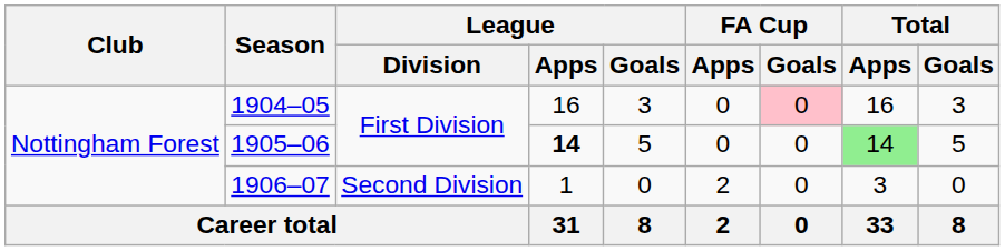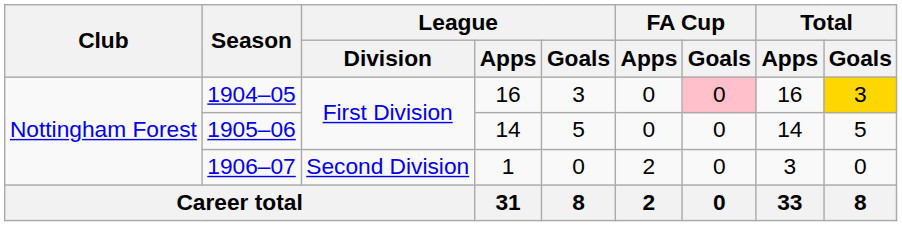 <table class="wikitable" style="text-align: center">
 <tr>
 <th rowspan="2">Club</th>
 <th rowspan="2">Season</th>
 <th colspan="3">League</th>
 <th colspan="2">FA Cup</th>
 <th colspan="2">Total</th>
 </tr>
 <tr>
 <th>Division</th>
 <th>Apps</th>
 <th>Goals</th>
 <th>Apps</th>
 <th>Goals</th>
 <th>Apps</th>
 <th>Goals</th>
 </tr>
 <tr>
 <td rowspan="3"><a href='#'>Nottingham Forest</a></td>
 <td><a href='#'>1904–05</a></td>
 <td rowspan="2"><a href='#'>First Division</a></td>
 <td>16</td>
 <td>3</td>
 <td>0</td>
 <td style="background: pink;">0</td>
 <td>16</td>
-<td>3</td>
+<td style="background: gold;">3</td>
 </tr>
 <tr>
 <td><a href='#'>1905–06</a></td>
-<td><strong>14</strong></td>
+<td>14</td>
 <td>5</td>
 <td>0</td>
 <td>0</td>
-<td style="background: lightgreen;">14</td>
+<td>14</td>
 <td>5</td>
 </tr>
 <tr>
 <td><a href='#'>1906–07</a></td>
 <td><a href='#'>Second Division</a></td>
 <td>1</td>
 <td>0</td>
 <td>2</td>
 <td>0</td>
 <td>3</td>
 <td>0</td>
 </tr>
 <tr>
 <th colspan="3">Career total</th>
 <th>31</th>
 <th>8</th>
 <th>2</th>
 <th>0</th>
 <th>33</th>
 <th>8</th>
 </tr>
 </table>
